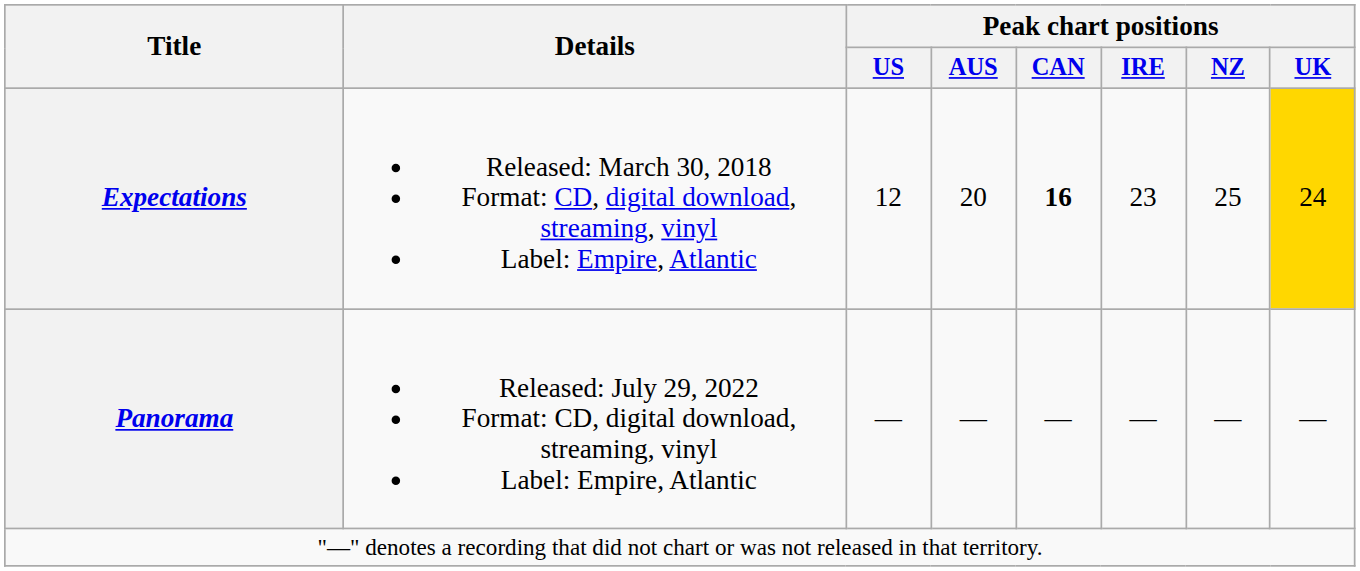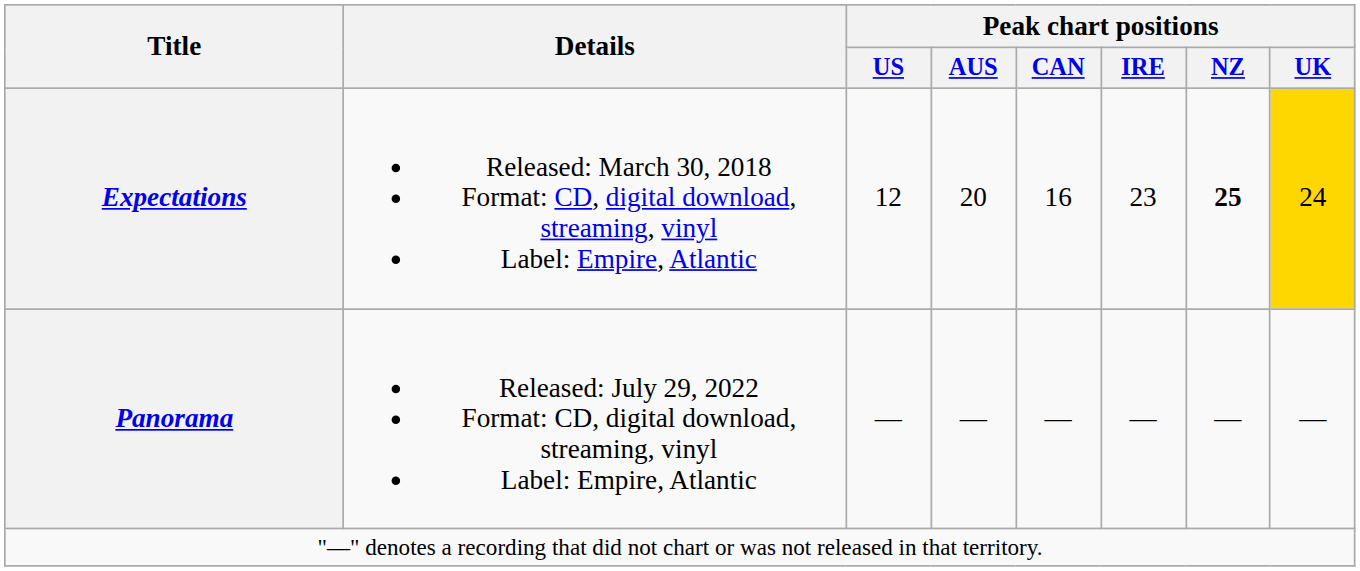 <table class="wikitable plainrowheaders" style="text-align:center;" border="1">
 <tr>
 <th scope="col" rowspan="2" style="width:12em;">Title</th>
 <th scope="col" rowspan="2" style="width:18em;">Details</th>
 <th scope="col" colspan="6" style="width:1.5em;">Peak chart positions</th>
 </tr>
 <tr>
 <th scope="col" style="width:3em;font-size:90%;"><a href='#'>US</a><br></th>
 <th scope="col" style="width:3em;font-size:90%;"><a href='#'>AUS</a><br></th>
 <th scope="col" style="width:3em;font-size:90%;"><a href='#'>CAN</a><br></th>
 <th scope="col" style="width:3em;font-size:90%;"><a href='#'>IRE</a><br></th>
 <th scope="col" style="width:3em;font-size:90%;"><a href='#'>NZ</a><br></th>
 <th scope="col" style="width:3em;font-size:90%;"><a href='#'>UK</a><br></th>
 </tr>
 <tr>
 <th scope="row"><em><a href='#'>Expectations</a></em></th>
 <td><br><ul><li>Released: March 30, 2018</li><li>Format: <a href='#'>CD</a>, <a href='#'>digital download</a>, <a href='#'>streaming</a>, <a href='#'>vinyl</a></li><li>Label: <a href='#'>Empire</a>, <a href='#'>Atlantic</a></li></ul></td>
 <td>12</td>
 <td>20</td>
-<td><strong>16</strong></td>
+<td>16</td>
 <td>23</td>
-<td>25</td>
+<td><strong>25</strong></td>
 <td style="background: gold;">24</td>
 </tr>
 <tr>
 <th scope="row"><em><a href='#'>Panorama</a></em></th>
 <td><br><ul><li>Released: July 29, 2022</li><li>Format: CD, digital download, streaming, vinyl</li><li>Label: Empire, Atlantic</li></ul></td>
 <td>—</td>
 <td>—</td>
 <td>—</td>
 <td>—</td>
 <td>—</td>
 <td>—</td>
 </tr>
 <tr>
 <td colspan="15" style="text-align:center; font-size:85%;">"—" denotes a recording that did not chart or was not released in that territory.</td>
 </tr>
 </table>
